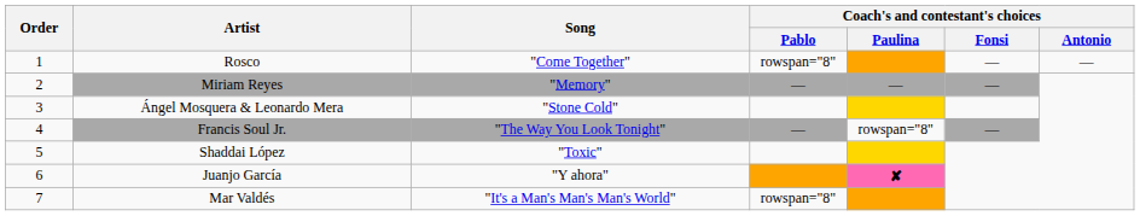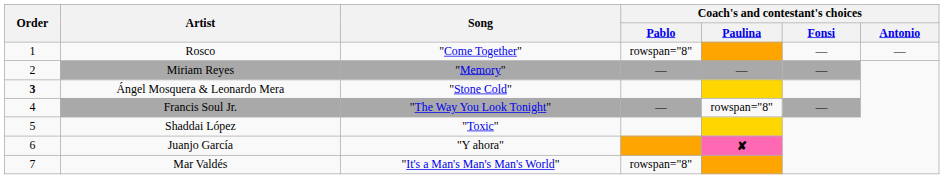 <table class="wikitable" style="text-align:center; width:100%;">
 <tr>
 <th rowspan="2" scope="col" style="width:05%;">Order</th>
 <th rowspan="2" scope="col" style="width:25%;">Artist</th>
 <th rowspan="2" scope="col" style="width:25%;">Song</th>
 <th colspan="4" scope="col" style="width:32%;">Coach's and contestant's choices</th>
 </tr>
 <tr>
 <th width="07%"><a href='#'>Pablo</a></th>
 <th width="07%"><a href='#'>Paulina</a></th>
 <th width="07%"><a href='#'>Fonsi</a></th>
 <th width="07%"><a href='#'>Antonio</a></th>
 </tr>
 <tr>
 <td align="center">1</td>
 <td>Rosco</td>
 <td>"<a href='#'>Come Together</a>"</td>
 <td>rowspan="8" </td>
 <td align="center" bgcolor="Orange"><strong></strong></td>
 <td align="center">—</td>
 <td align="center">—</td>
 </tr>
 <tr>
 <td align="center">2</td>
 <td bgcolor="darkgrey">Miriam Reyes</td>
 <td bgcolor="darkgrey">"<a href='#'>Memory</a>"</td>
 <td align="center" bgcolor="darkgrey">—</td>
 <td align="center" bgcolor="darkgrey">—</td>
 <td align="center" bgcolor="darkgrey">—</td>
 </tr>
 <tr>
-<td align="center">3</td>
+<td align="center"><strong>3</strong></td>
 <td>Ángel Mosquera & Leonardo Mera</td>
 <td>"<a href='#'>Stone Cold</a>"</td>
 <td align="center"><strong></strong></td>
 <td align="center" bgcolor="Gold"><strong></strong></td>
 <td align="center"><strong></strong></td>
 </tr>
 <tr>
 <td align="center">4</td>
 <td bgcolor="darkgrey">Francis Soul Jr.</td>
 <td bgcolor="darkgrey">"<a href='#'>The Way You Look Tonight</a>"</td>
 <td align="center" bgcolor="darkgrey">—</td>
 <td>rowspan="8" </td>
 <td align="center" bgcolor="darkgrey">—</td>
 </tr>
 <tr>
 <td align="center">5</td>
 <td>Shaddai López</td>
 <td>"<a href='#'>Toxic</a>"</td>
 <td align="center"><strong></strong></td>
 <td align="center" bgcolor="Gold"><strong></strong></td>
 </tr>
 <tr>
 <td align="center">6</td>
 <td>Juanjo García</td>
 <td>"Y ahora"</td>
 <td align="center" bgcolor="Orange"><strong></strong></td>
 <td align="center" bgcolor="#ff69b4"><strong>✘</strong></td>
 </tr>
 <tr>
 <td align="center">7</td>
 <td>Mar Valdés</td>
 <td>"<a href='#'>It's a Man's Man's Man's World</a>"</td>
 <td>rowspan="8" </td>
 <td align="center" bgcolor="Orange"><strong></strong></td>
 </tr>
 </table>
